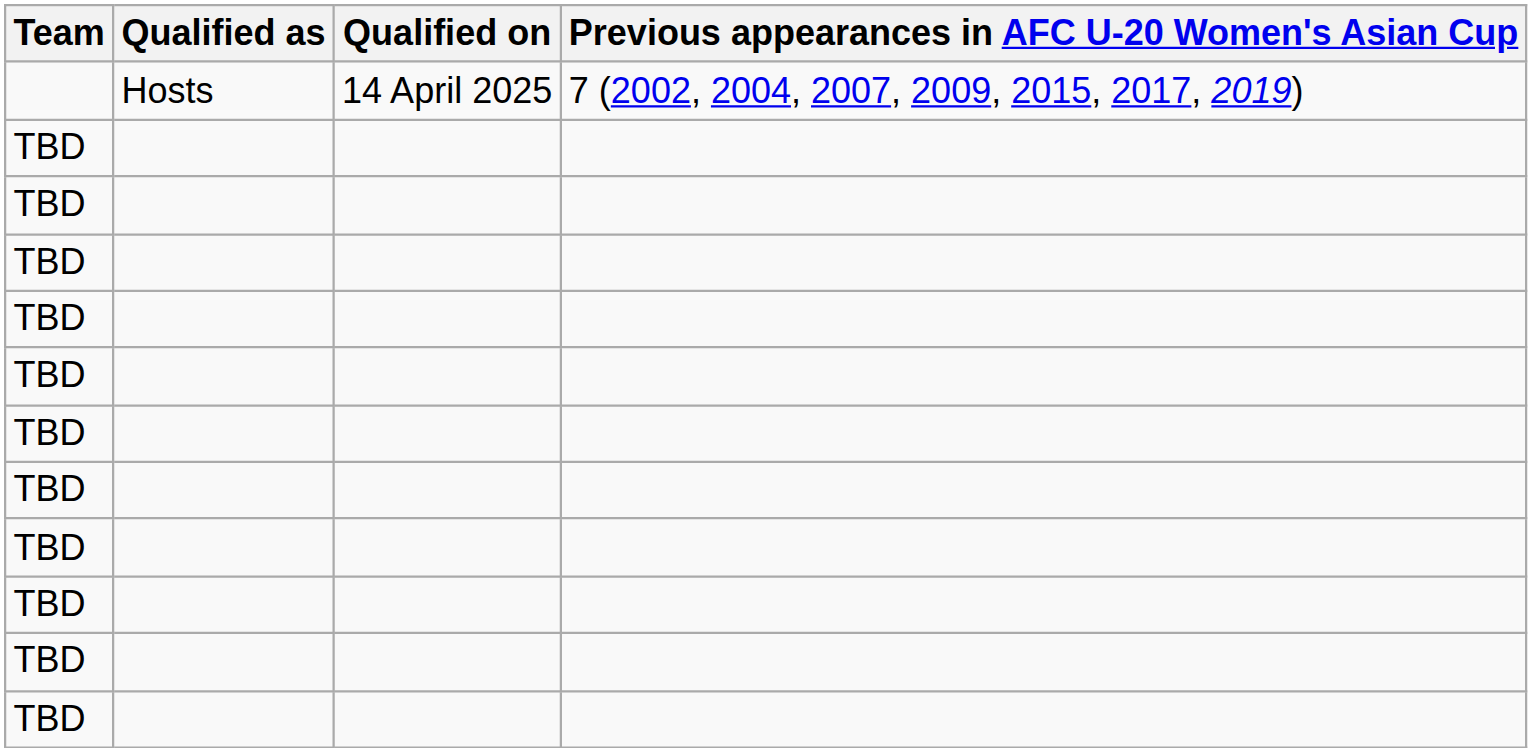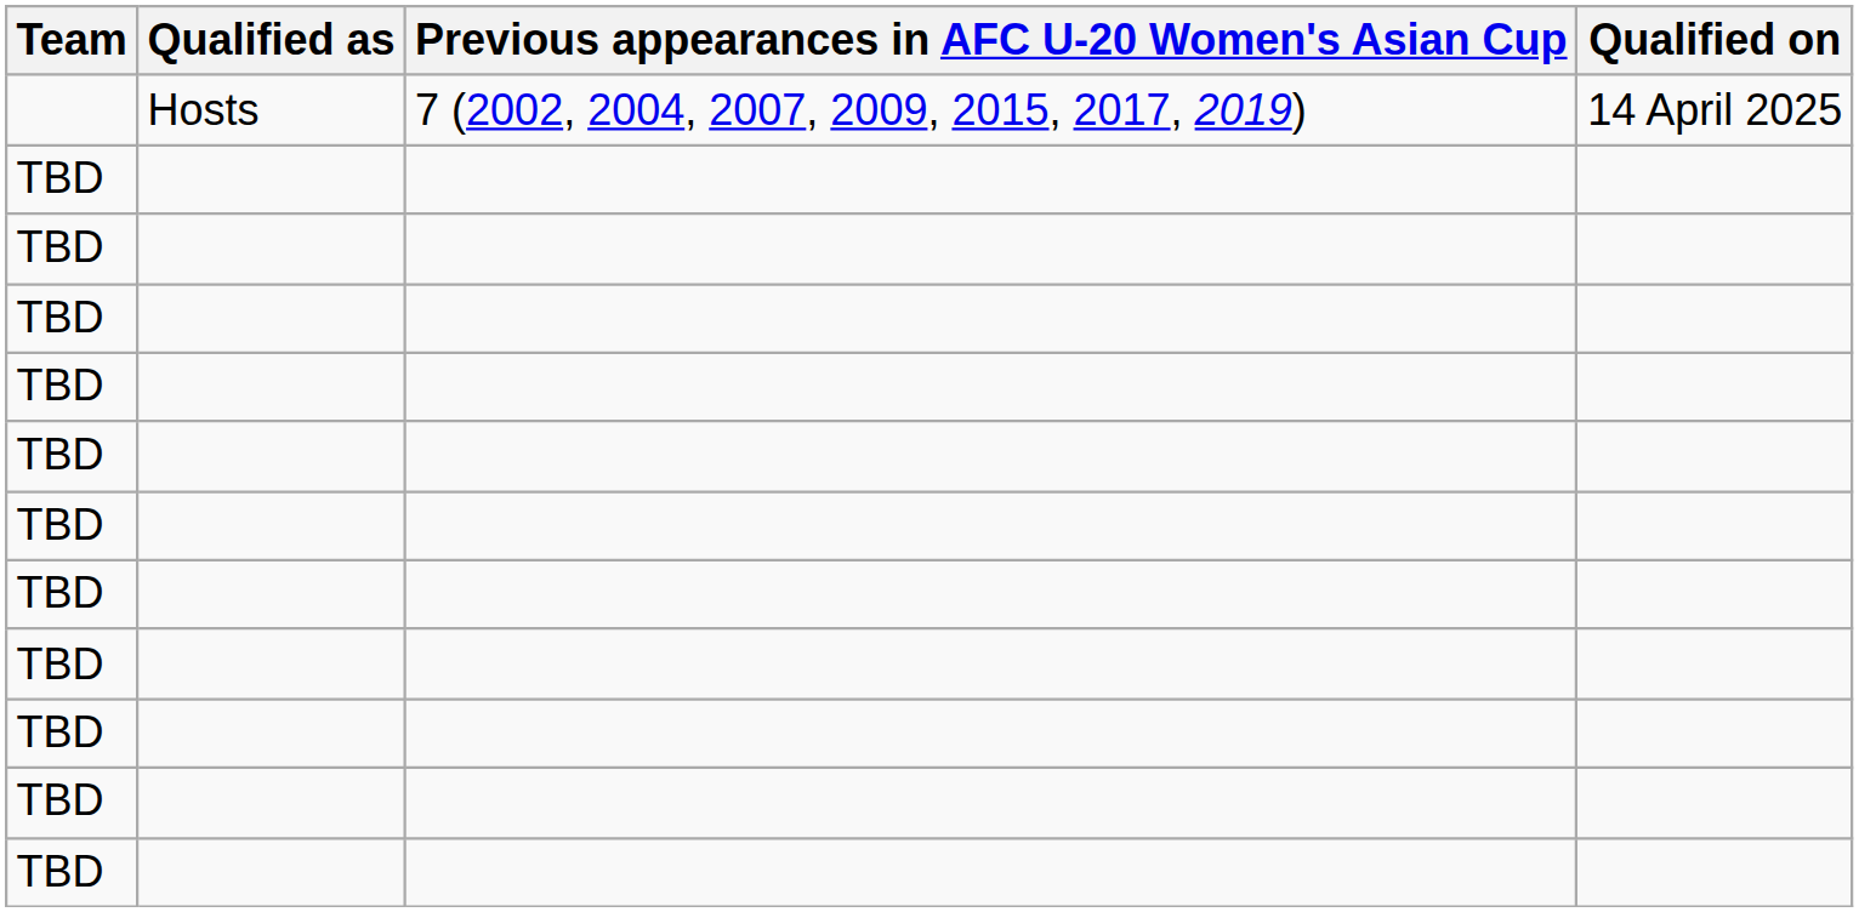 <table class="wikitable sortable">
 <tr>
 <th>Team</th>
 <th>Qualified as</th>
+<th data-sort-type="number">Previous appearances in <a href='#'>AFC U-20 Women's Asian Cup</a></th>
 <th>Qualified on</th>
-<th data-sort-type="number">Previous appearances in <a href='#'>AFC U-20 Women's Asian Cup</a></th>
 </tr>
 <tr>
 <td></td>
 <td>Hosts</td>
+<td>7 (<a href='#'>2002</a>, <a href='#'>2004</a>, <a href='#'>2007</a>, <a href='#'>2009</a>, <a href='#'>2015</a>, <a href='#'>2017</a>, <em><a href='#'>2019</a></em>)</td>
 <td>14 April 2025</td>
-<td>7 (<a href='#'>2002</a>, <a href='#'>2004</a>, <a href='#'>2007</a>, <a href='#'>2009</a>, <a href='#'>2015</a>, <a href='#'>2017</a>, <em><a href='#'>2019</a></em>)</td>
 </tr>
 <tr>
 <td>TBD</td>
 <td></td>
 <td></td>
 <td></td>
 </tr>
 <tr>
 <td>TBD</td>
 <td></td>
 <td></td>
 <td></td>
 </tr>
 <tr>
 <td>TBD</td>
 <td></td>
 <td></td>
 <td></td>
 </tr>
 <tr>
 <td>TBD</td>
 <td></td>
 <td></td>
 <td></td>
 </tr>
 <tr>
 <td>TBD</td>
 <td></td>
 <td></td>
 <td></td>
 </tr>
 <tr>
 <td>TBD</td>
 <td></td>
 <td></td>
 <td></td>
 </tr>
 <tr>
 <td>TBD</td>
 <td></td>
 <td></td>
 <td></td>
 </tr>
 <tr>
 <td>TBD</td>
 <td></td>
 <td></td>
 <td></td>
 </tr>
 <tr>
 <td>TBD</td>
 <td></td>
 <td></td>
 <td></td>
 </tr>
 <tr>
 <td>TBD</td>
 <td></td>
 <td></td>
 <td></td>
 </tr>
 <tr>
 <td>TBD</td>
 <td></td>
 <td></td>
 <td></td>
 </tr>
 </table>
